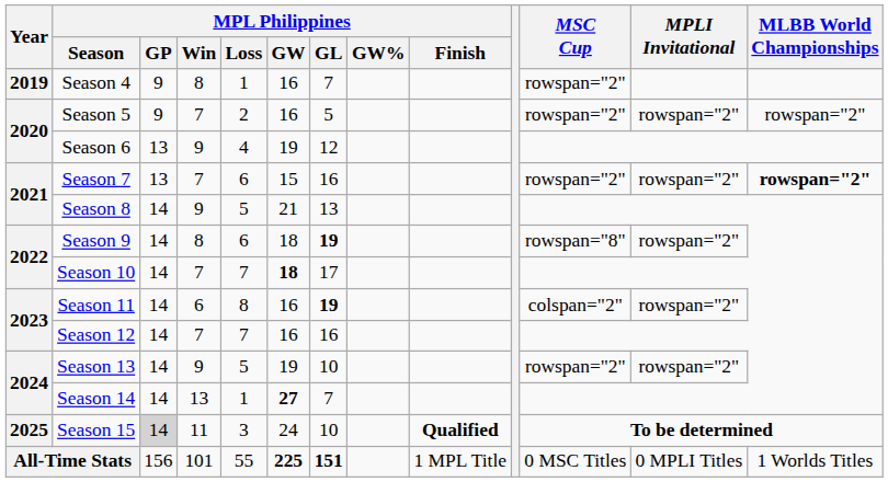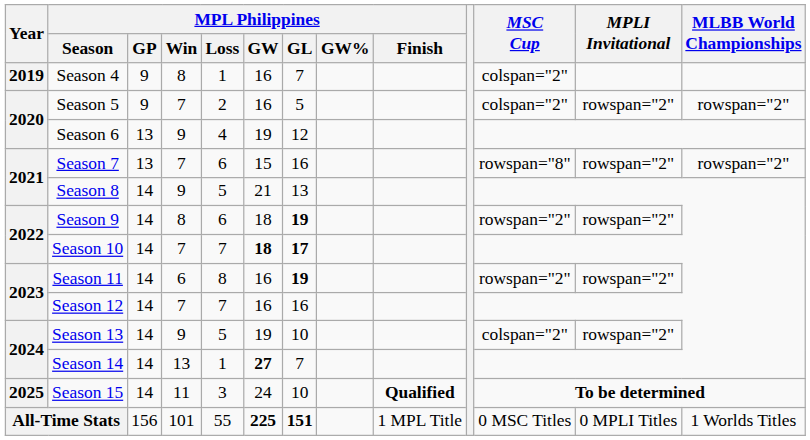 <table class="wikitable" style="text-align:center; margin-left:auto; margin-right: auto; font-size:90%;">
 <tr>
 <th rowspan="2">Year</th>
 <th colspan="8"><a href='#'>MPL Philippines</a></th>
 <th rowspan="15"></th>
 <th rowspan="2"><a href='#'><em>MSC <br> Cup</em></a></th>
 <th rowspan="2"><em>MPLI <br> Invitational</em></th>
 <th rowspan="2"><a href='#'>MLBB World <br> Championships</a></th>
 </tr>
 <tr>
 <th>Season</th>
 <th>GP</th>
 <th>Win</th>
 <th>Loss</th>
 <th>GW</th>
 <th>GL</th>
 <th>GW%</th>
 <th>Finish</th>
 </tr>
 <tr>
 <th>2019</th>
 <td>Season 4</td>
 <td>9</td>
 <td>8</td>
 <td>1</td>
 <td>16</td>
 <td>7</td>
 <td></td>
 <td></td>
-<td>rowspan="2" </td>
+<td>colspan="2" </td>
 <td></td>
 </tr>
 <tr>
 <th rowspan="2">2020</th>
 <td>Season 5</td>
 <td>9</td>
 <td>7</td>
 <td>2</td>
 <td>16</td>
 <td>5</td>
 <td></td>
 <td></td>
-<td>rowspan="2" </td>
+<td>colspan="2" </td>
 <td>rowspan="2" </td>
 <td>rowspan="2" </td>
 </tr>
 <tr>
 <td>Season 6</td>
 <td>13</td>
 <td>9</td>
 <td>4</td>
 <td>19</td>
 <td>12</td>
 <td></td>
 <td></td>
 </tr>
 <tr>
 <th rowspan="2">2021</th>
 <td><a href='#'>Season 7</a></td>
 <td>13</td>
 <td>7</td>
 <td>6</td>
 <td>15</td>
 <td>16</td>
 <td></td>
 <td></td>
+<td>rowspan="8" </td>
 <td>rowspan="2" </td>
 <td>rowspan="2" </td>
-<td><strong>rowspan="2" </strong></td>
 </tr>
 <tr>
 <td><a href='#'>Season 8</a></td>
 <td>14</td>
 <td>9</td>
 <td>5</td>
 <td>21</td>
 <td>13</td>
 <td></td>
 <td></td>
 </tr>
 <tr>
 <th rowspan="2">2022</th>
 <td><a href='#'>Season 9</a></td>
 <td>14</td>
 <td>8</td>
 <td>6</td>
 <td>18</td>
 <td><strong>19</strong></td>
 <td></td>
 <td></td>
-<td>rowspan="8" </td>
+<td>rowspan="2" </td>
 <td>rowspan="2" </td>
 </tr>
 <tr>
 <td><a href='#'>Season 10</a></td>
 <td>14</td>
 <td>7</td>
 <td>7</td>
 <td><strong>18</strong></td>
-<td>17</td>
+<td><strong>17</strong></td>
 <td></td>
 <td></td>
 </tr>
 <tr>
 <th rowspan="2">2023</th>
 <td><a href='#'>Season 11</a></td>
 <td>14</td>
 <td>6</td>
 <td>8</td>
 <td>16</td>
 <td><strong>19</strong></td>
 <td></td>
 <td></td>
-<td>colspan="2" </td>
+<td>rowspan="2" </td>
 <td>rowspan="2" </td>
 </tr>
 <tr>
 <td><a href='#'>Season 12</a></td>
 <td>14</td>
 <td>7</td>
 <td>7</td>
 <td>16</td>
 <td>16</td>
 <td></td>
 <td></td>
 </tr>
 <tr>
 <th rowspan="2">2024</th>
 <td><a href='#'>Season 13</a></td>
 <td>14</td>
 <td>9</td>
 <td>5</td>
 <td>19</td>
 <td>10</td>
 <td></td>
 <td></td>
-<td>rowspan="2" </td>
+<td>colspan="2" </td>
 <td>rowspan="2" </td>
 </tr>
 <tr>
 <td><a href='#'>Season 14</a></td>
 <td>14</td>
 <td>13</td>
 <td>1</td>
 <td><strong>27</strong></td>
 <td>7</td>
 <td><strong></strong></td>
 <td></td>
 </tr>
 <tr>
 <th>2025</th>
 <td><a href='#'>Season 15</a></td>
-<td style="background: lightgrey;">14</td>
+<td>14</td>
 <td>11</td>
 <td>3</td>
 <td>24</td>
 <td>10</td>
 <td><strong></strong></td>
 <td><strong>Qualified</strong></td>
 <td colspan="3"><strong>To be determined</strong></td>
 </tr>
 <tr>
 <th colspan="2">All-Time Stats</th>
 <td>156</td>
 <td>101</td>
 <td>55</td>
 <td><strong>225</strong></td>
 <td><strong>151</strong></td>
 <td><strong></strong></td>
 <td>1 MPL Title</td>
 <td>0 MSC Titles</td>
 <td>0 MPLI Titles</td>
 <td>1 Worlds Titles</td>
 </tr>
 </table>
